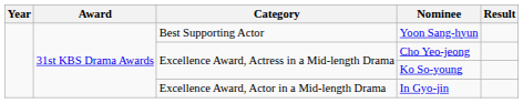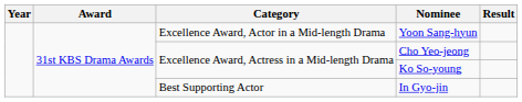 <table class="wikitable">
 <tr>
 <th>Year</th>
 <th>Award</th>
 <th>Category</th>
 <th>Nominee</th>
 <th>Result</th>
 </tr>
 <tr>
 <td rowspan="4"></td>
 <td rowspan="4"><a href='#'>31st KBS Drama Awards</a></td>
-<td>Best Supporting Actor</td>
+<td>Excellence Award, Actor in a Mid-length Drama</td>
 <td><a href='#'>Yoon Sang-hyun</a></td>
 <td></td>
 </tr>
 <tr>
 <td rowspan="2">Excellence Award, Actress in a Mid-length Drama</td>
 <td><a href='#'>Cho Yeo-jeong</a></td>
 <td></td>
 </tr>
 <tr>
 <td><a href='#'>Ko So-young</a></td>
 <td></td>
 </tr>
 <tr>
-<td>Excellence Award, Actor in a Mid-length Drama</td>
+<td>Best Supporting Actor</td>
 <td><a href='#'>In Gyo-jin</a></td>
 <td></td>
 </tr>
 </table>
